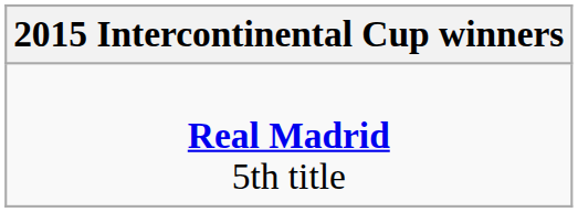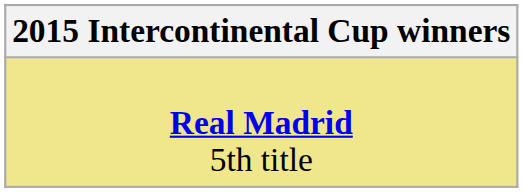 <table class=wikitable style="text-align:center; margin:auto">
 <tr>
 <th>2015 Intercontinental Cup winners</th>
 </tr>
 <tr>
-<td><br> <strong><a href='#'>Real Madrid</a></strong><br> 5th title</td>
+<td style="background: khaki;"><br> <strong><a href='#'>Real Madrid</a></strong><br> 5th title</td>
 </tr>
 </table>
